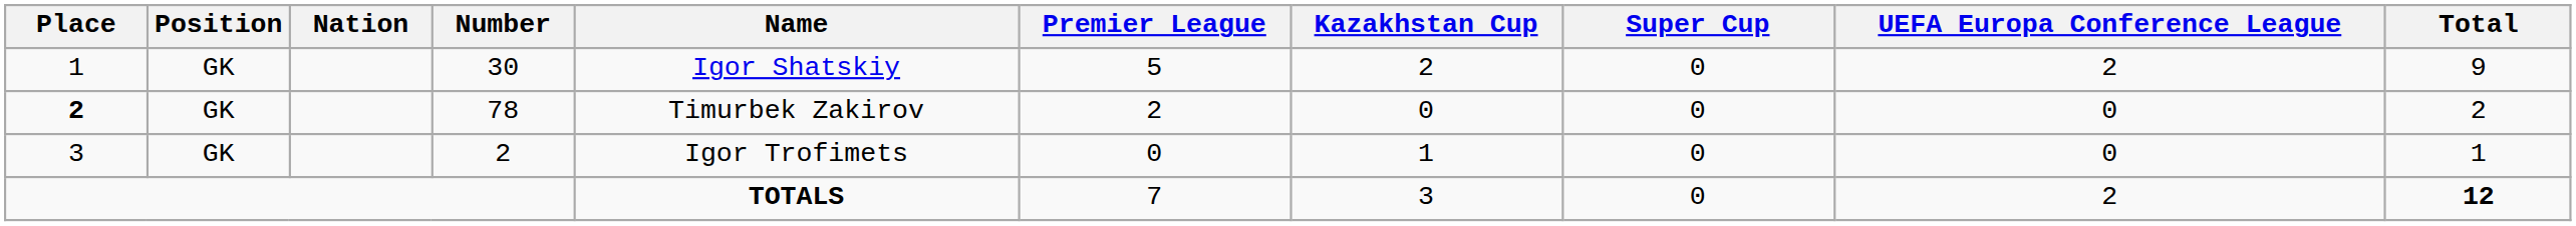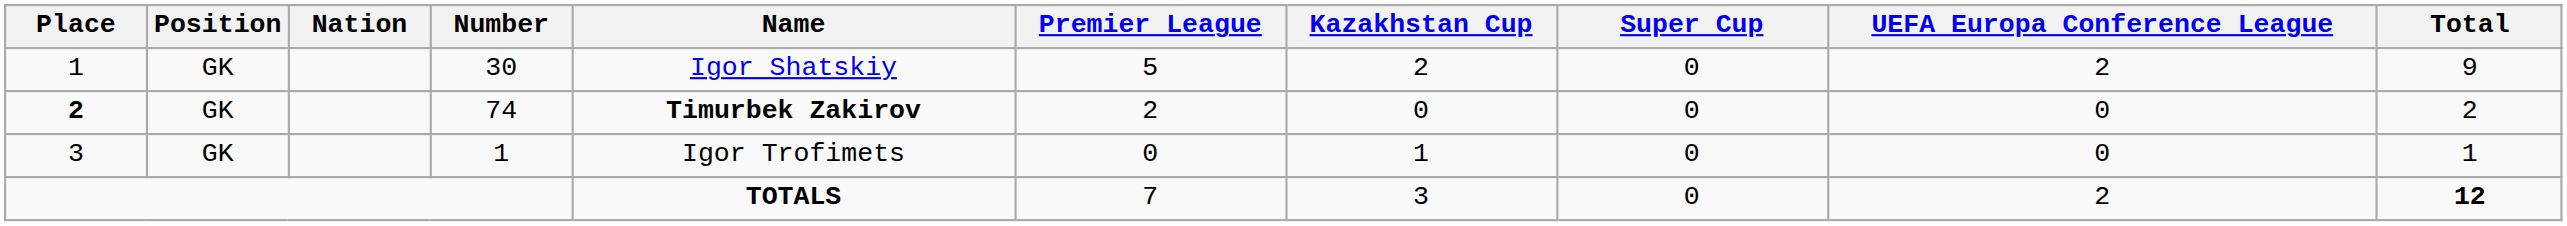 <table class="wikitable" style="font-size: 95%; text-align: center;">
 <tr>
 <th width=60>Place</th>
 <th width=60>Position</th>
 <th width=60>Nation</th>
 <th width=60>Number</th>
 <th width=200>Name</th>
 <th width=120><a href='#'>Premier League</a></th>
 <th width=120><a href='#'>Kazakhstan Cup</a></th>
 <th width=120><a href='#'>Super Cup</a></th>
 <th width=250><a href='#'>UEFA Europa Conference League</a></th>
 <th width=80>Total</th>
 </tr>
 <tr>
 <td>1</td>
 <td>GK</td>
 <td></td>
 <td>30</td>
 <td><a href='#'>Igor Shatskiy</a></td>
 <td>5</td>
 <td>2</td>
 <td>0</td>
 <td>2</td>
 <td>9</td>
 </tr>
 <tr>
 <td><strong>2</strong></td>
 <td>GK</td>
 <td></td>
-<td>78</td>
-<td>Timurbek Zakirov</td>
+<td>74</td>
+<td><strong>Timurbek Zakirov</strong></td>
 <td>2</td>
 <td>0</td>
 <td>0</td>
 <td>0</td>
 <td>2</td>
 </tr>
 <tr>
 <td>3</td>
 <td>GK</td>
 <td></td>
-<td>2</td>
+<td>1</td>
 <td>Igor Trofimets</td>
 <td>0</td>
 <td>1</td>
 <td>0</td>
 <td>0</td>
 <td>1</td>
 </tr>
 <tr>
 <td colspan="4"></td>
 <td><strong>TOTALS</strong></td>
 <td>7</td>
 <td>3</td>
 <td>0</td>
 <td>2</td>
 <td><strong>12</strong></td>
 </tr>
 </table>
